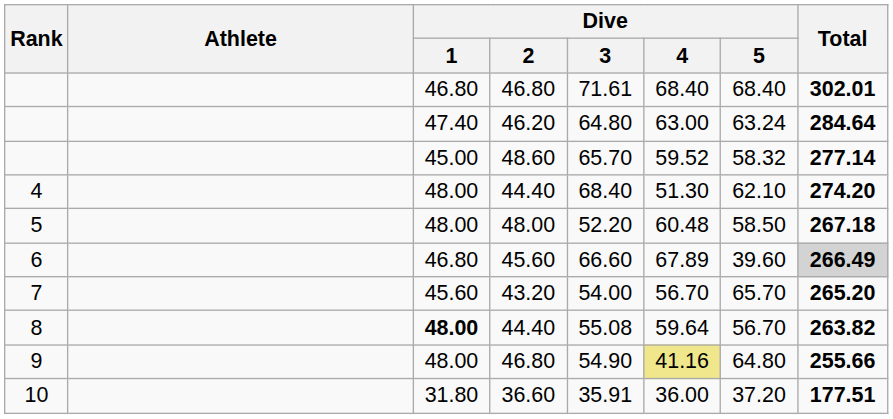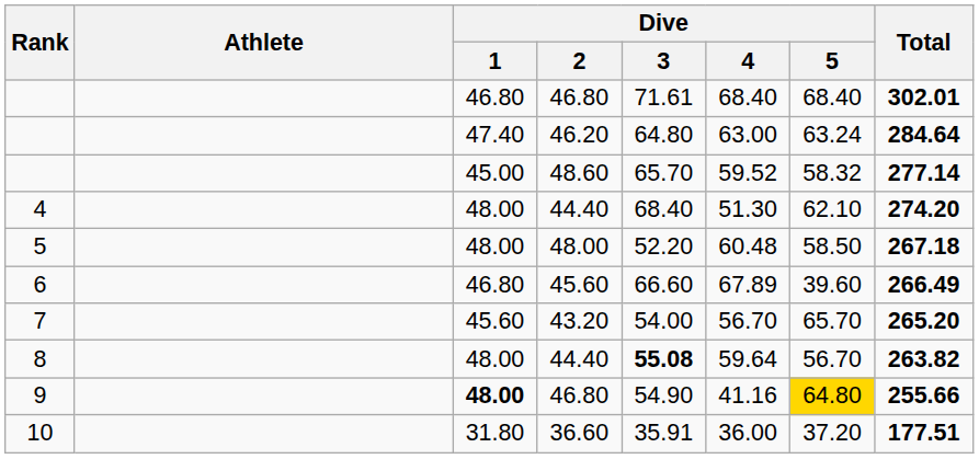 <table class="wikitable" style="text-align:center">
 <tr>
 <th rowspan="2" width="40">Rank</th>
 <th rowspan="2" width="250">Athlete</th>
 <th colspan="5">Dive</th>
 <th rowspan="2" width="60">Total</th>
 </tr>
 <tr>
 <th width="50">1</th>
 <th width="50">2</th>
 <th width="50">3</th>
 <th width="50">4</th>
 <th width="50">5</th>
 </tr>
 <tr>
 <td></td>
 <td align="left"><br></td>
 <td>46.80</td>
 <td>46.80</td>
 <td>71.61</td>
 <td>68.40</td>
 <td>68.40</td>
 <td><strong>302.01</strong></td>
 </tr>
 <tr>
 <td></td>
 <td align="left"><br></td>
 <td>47.40</td>
 <td>46.20</td>
 <td>64.80</td>
 <td>63.00</td>
 <td>63.24</td>
 <td><strong>284.64</strong></td>
 </tr>
 <tr>
 <td></td>
 <td align="left"><br></td>
 <td>45.00</td>
 <td>48.60</td>
 <td>65.70</td>
 <td>59.52</td>
 <td>58.32</td>
 <td><strong>277.14</strong></td>
 </tr>
 <tr>
 <td>4</td>
 <td align="left"><br></td>
 <td>48.00</td>
 <td>44.40</td>
 <td>68.40</td>
 <td>51.30</td>
 <td>62.10</td>
 <td><strong>274.20</strong></td>
 </tr>
 <tr>
 <td>5</td>
 <td align="left"><br></td>
 <td>48.00</td>
 <td>48.00</td>
 <td>52.20</td>
 <td>60.48</td>
 <td>58.50</td>
 <td><strong>267.18</strong></td>
 </tr>
 <tr>
 <td>6</td>
 <td align="left"><br></td>
 <td>46.80</td>
 <td>45.60</td>
 <td>66.60</td>
 <td>67.89</td>
 <td>39.60</td>
-<td style="background: lightgrey;"><strong>266.49</strong></td>
+<td><strong>266.49</strong></td>
 </tr>
 <tr>
 <td>7</td>
 <td align="left"><br></td>
 <td>45.60</td>
 <td>43.20</td>
 <td>54.00</td>
 <td>56.70</td>
 <td>65.70</td>
 <td><strong>265.20</strong></td>
 </tr>
 <tr>
 <td>8</td>
 <td align="left"><br></td>
-<td><strong>48.00</strong></td>
+<td>48.00</td>
 <td>44.40</td>
-<td>55.08</td>
+<td><strong>55.08</strong></td>
 <td>59.64</td>
 <td>56.70</td>
 <td><strong>263.82</strong></td>
 </tr>
 <tr>
 <td>9</td>
 <td align="left"><br></td>
-<td>48.00</td>
+<td><strong>48.00</strong></td>
 <td>46.80</td>
 <td>54.90</td>
-<td style="background: khaki;">41.16</td>
-<td>64.80</td>
+<td>41.16</td>
+<td style="background: gold;">64.80</td>
 <td><strong>255.66</strong></td>
 </tr>
 <tr>
 <td>10</td>
 <td align="left"><br></td>
 <td>31.80</td>
 <td>36.60</td>
 <td>35.91</td>
 <td>36.00</td>
 <td>37.20</td>
 <td><strong>177.51</strong></td>
 </tr>
 </table>
